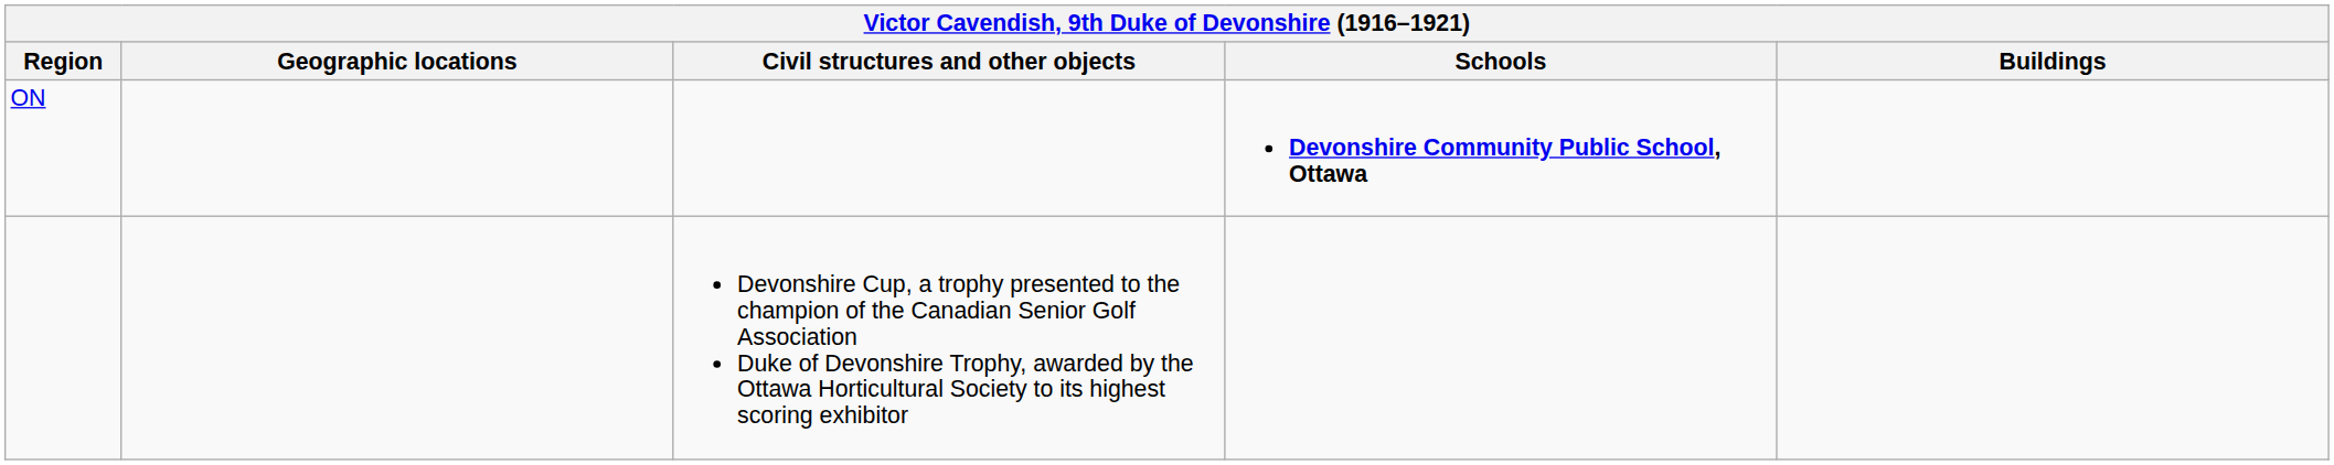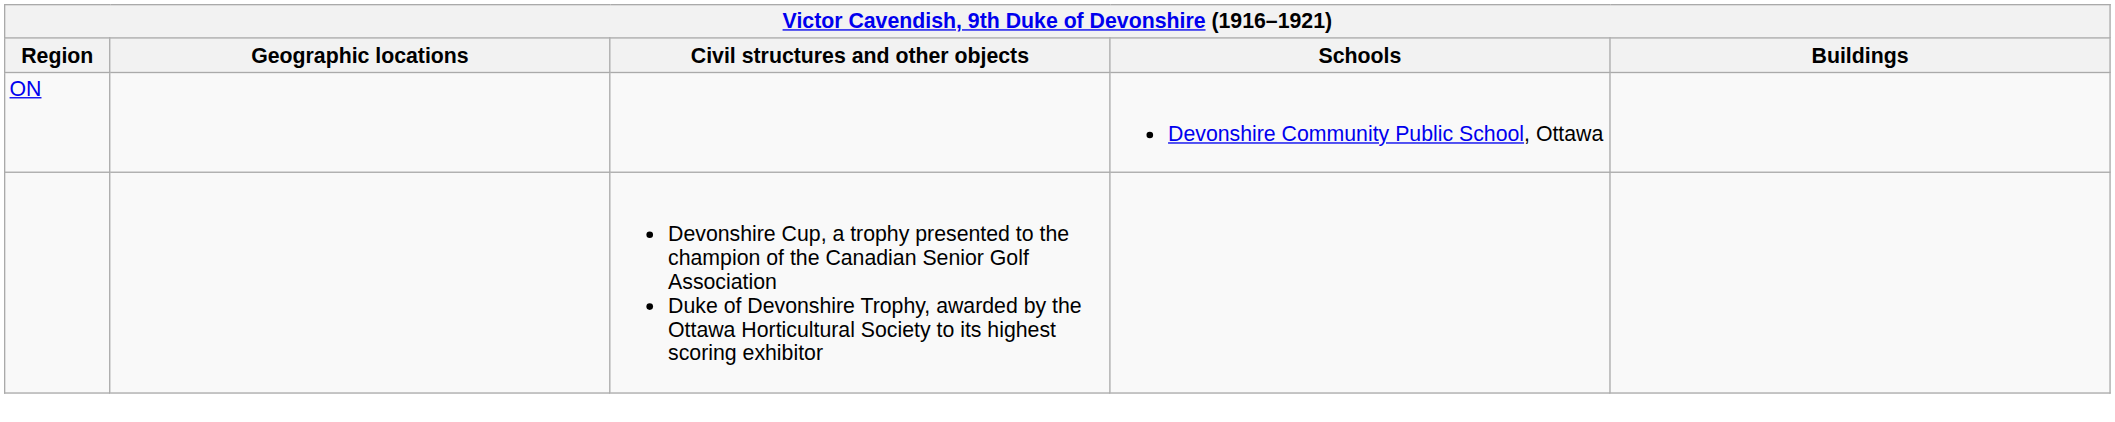 <table class="wikitable" width="100%">
 <tr>
 <th colspan="5"> <a href='#'>Victor Cavendish, 9th Duke of Devonshire</a> (1916–1921)</th>
 </tr>
 <tr>
 <th width="5%">Region</th>
 <th width="23.75%">Geographic locations</th>
 <th width="23.75%">Civil structures and other objects</th>
 <th width="23.75%">Schools</th>
 <th width="23.75%">Buildings</th>
 </tr>
 <tr>
 <td align=left valign=top> <a href='#'>ON</a></td>
 <td></td>
 <td></td>
-<td align=left valign=top><strong><br><ul><li><a href='#'>Devonshire Community Public School</a>, Ottawa</li></ul></strong></td>
+<td align=left valign=top><br><ul><li><a href='#'>Devonshire Community Public School</a>, Ottawa</li></ul></td>
 <td></td>
 </tr>
 <tr>
 <td></td>
 <td></td>
 <td align=left valign=top><br><ul><li>Devonshire Cup, a trophy presented to the champion of the Canadian Senior Golf Association</li><li>Duke of Devonshire Trophy, awarded by the Ottawa Horticultural Society to its highest scoring exhibitor</li></ul></td>
 <td></td>
 <td></td>
 </tr>
 </table>
